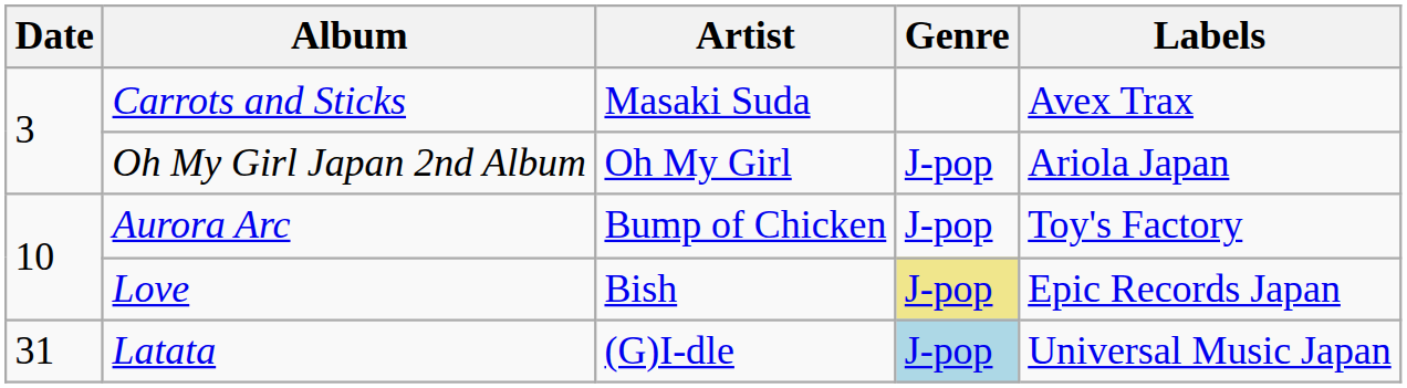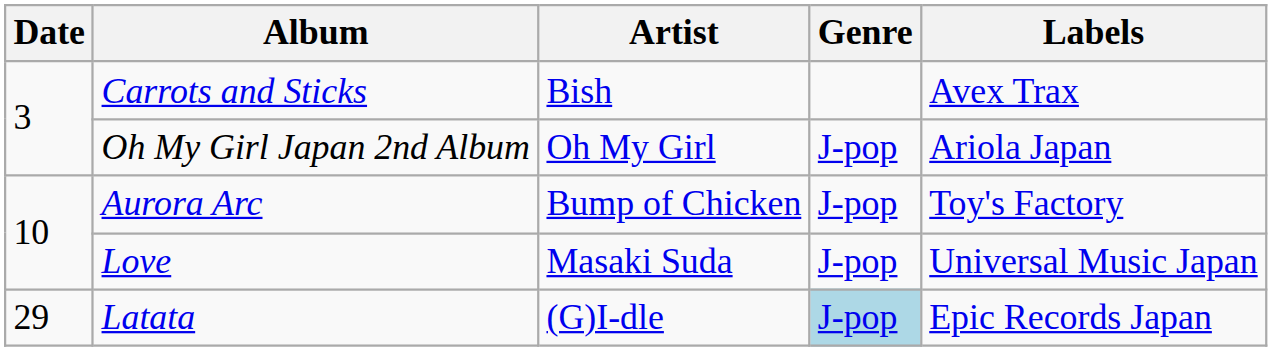 <table class="wikitable">
 <tr>
 <th>Date</th>
 <th>Album</th>
 <th>Artist</th>
 <th>Genre</th>
 <th>Labels</th>
 </tr>
 <tr>
 <td rowspan="2">3</td>
 <td><em><a href='#'>Carrots and Sticks</a></em></td>
-<td><a href='#'>Masaki Suda</a></td>
+<td><a href='#'>Bish</a></td>
 <td>‌</td>
 <td><a href='#'>Avex Trax</a></td>
 </tr>
 <tr>
 <td><em>Oh My Girl Japan 2nd Album</em></td>
 <td><a href='#'>Oh My Girl</a></td>
 <td><a href='#'>J-pop</a></td>
 <td><a href='#'>Ariola Japan</a></td>
 </tr>
 <tr>
 <td rowspan="2">10</td>
 <td><em><a href='#'>Aurora Arc</a></em></td>
 <td><a href='#'>Bump of Chicken</a></td>
 <td><a href='#'>J-pop</a></td>
 <td><a href='#'>Toy's Factory</a></td>
 </tr>
 <tr>
 <td><em><a href='#'>Love</a></em></td>
-<td><a href='#'>Bish</a></td>
-<td style="background: khaki;"><a href='#'>J-pop</a></td>
-<td><a href='#'>Epic Records Japan</a></td>
+<td><a href='#'>Masaki Suda</a></td>
+<td><a href='#'>J-pop</a></td>
+<td><a href='#'>Universal Music Japan</a></td>
 </tr>
 <tr>
-<td>31</td>
+<td>29</td>
 <td><em><a href='#'>Latata</a></em></td>
 <td><a href='#'>(G)I-dle</a></td>
 <td style="background: lightblue;"><a href='#'>J-pop</a></td>
-<td><a href='#'>Universal Music Japan</a></td>
+<td><a href='#'>Epic Records Japan</a></td>
 </tr>
 </table>
